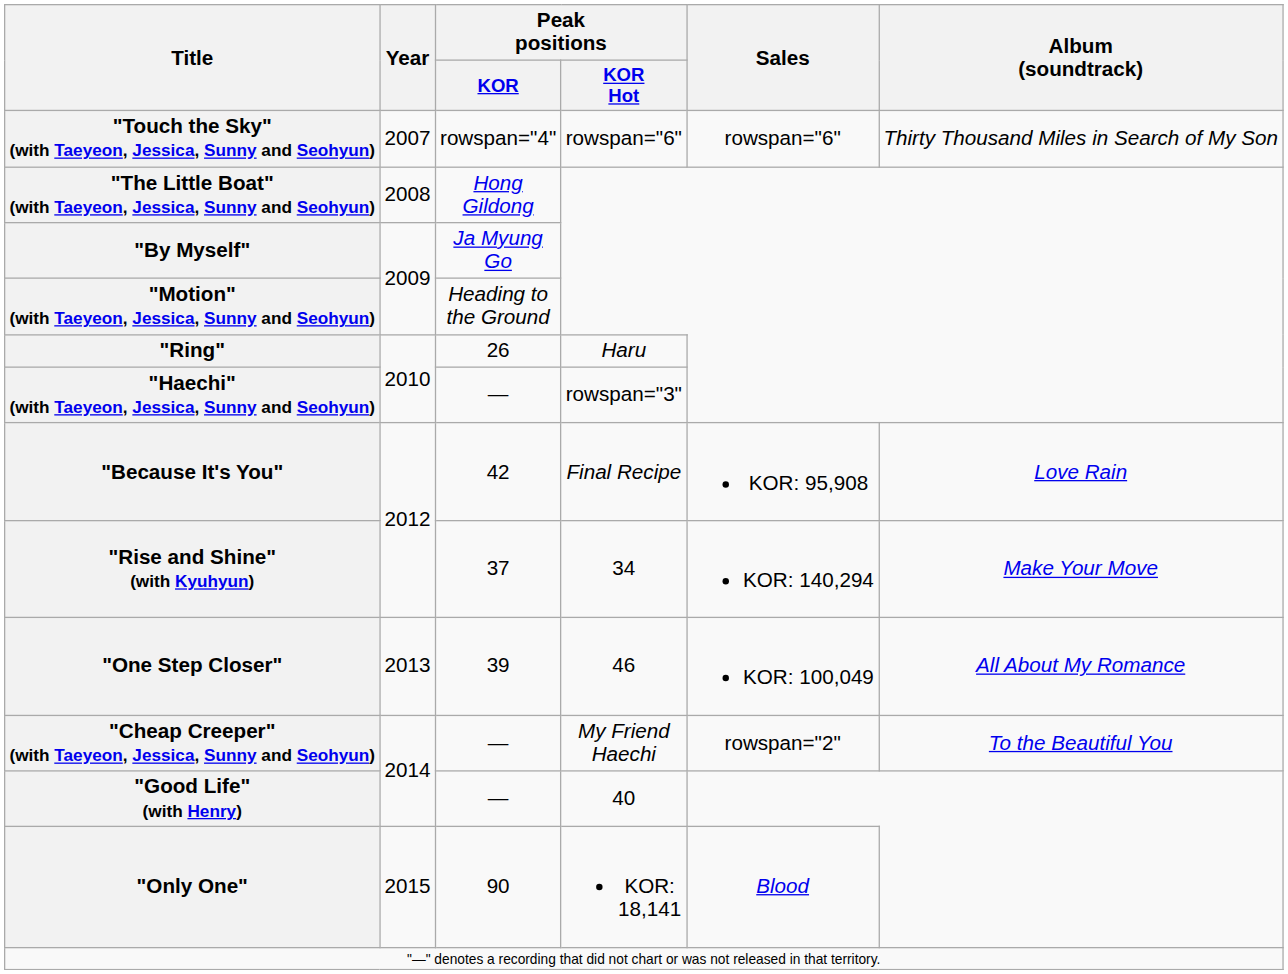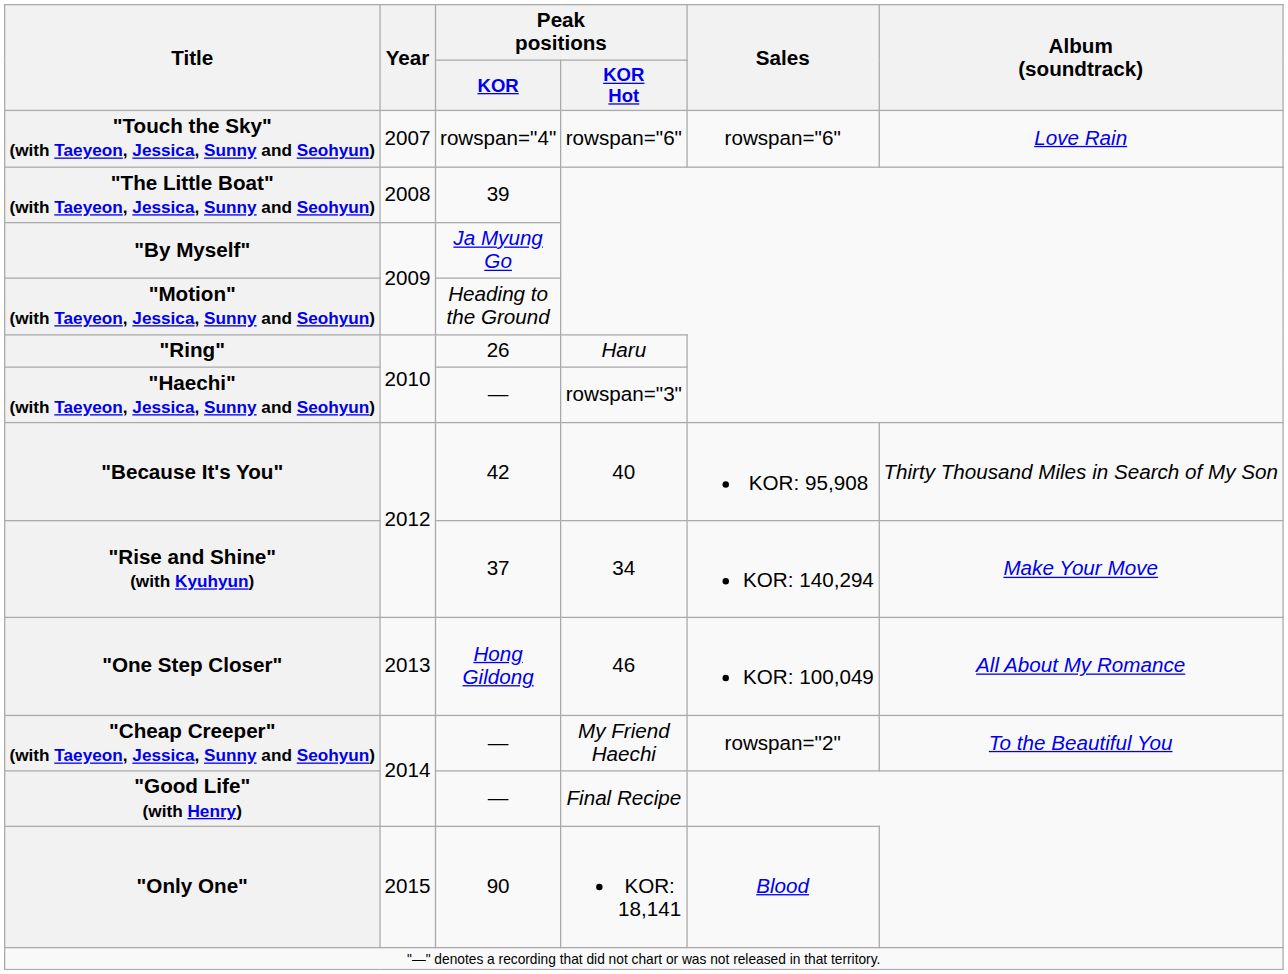 <table class="wikitable plainrowheaders" style="text-align:center;">
 <tr>
 <th rowspan=2>Title</th>
 <th rowspan=2>Year</th>
 <th colspan="2">Peak<br>positions</th>
 <th rowspan=2>Sales</th>
 <th rowspan=2>Album<br>(soundtrack)</th>
 </tr>
 <tr>
 <th scope="col" style="width:3em;font-size:90%;"><a href='#'>KOR</a><br></th>
 <th scope="col" style="width:3em;font-size:90%;"><a href='#'>KOR<br>Hot</a><br></th>
 </tr>
 <tr>
 <th scope=row>"Touch the Sky"<br><small>(with <a href='#'>Taeyeon</a>, <a href='#'>Jessica</a>, <a href='#'>Sunny</a> and <a href='#'>Seohyun</a>)</small></th>
 <td>2007</td>
 <td>rowspan="4" </td>
 <td>rowspan="6" </td>
 <td>rowspan="6" </td>
-<td><em>Thirty Thousand Miles in Search of My Son</em></td>
+<td><em><a href='#'>Love Rain</a></em></td>
 </tr>
 <tr>
 <th scope=row>"The Little Boat"<br><small>(with <a href='#'>Taeyeon</a>, <a href='#'>Jessica</a>, <a href='#'>Sunny</a> and <a href='#'>Seohyun</a>)</small></th>
 <td>2008</td>
-<td><em><a href='#'>Hong Gildong</a></em></td>
+<td>39</td>
 </tr>
 <tr>
 <th scope=row>"By Myself"</th>
 <td rowspan=2>2009</td>
 <td><em><a href='#'>Ja Myung Go</a></em></td>
 </tr>
 <tr>
 <th scope=row>"Motion"<br><small>(with <a href='#'>Taeyeon</a>, <a href='#'>Jessica</a>, <a href='#'>Sunny</a> and <a href='#'>Seohyun</a>)</small></th>
 <td><em>Heading to the Ground</em></td>
 </tr>
 <tr>
 <th scope=row>"Ring"</th>
 <td rowspan=2>2010</td>
 <td>26</td>
 <td><em>Haru</em></td>
 </tr>
 <tr>
 <th scope=row>"Haechi"<br><small>(with <a href='#'>Taeyeon</a>, <a href='#'>Jessica</a>, <a href='#'>Sunny</a> and <a href='#'>Seohyun</a>)</small></th>
 <td>—</td>
 <td>rowspan="3" </td>
 </tr>
 <tr>
 <th scope=row>"Because It's You"</th>
 <td rowspan=2>2012</td>
 <td>42</td>
-<td><em>Final Recipe</em></td>
+<td>40</td>
 <td><br><ul><li>KOR: 95,908</li></ul></td>
-<td><em><a href='#'>Love Rain</a></em></td>
+<td><em>Thirty Thousand Miles in Search of My Son</em></td>
 </tr>
 <tr>
 <th scope=row>"Rise and Shine"<br><small>(with <a href='#'>Kyuhyun</a>)</small></th>
 <td>37</td>
 <td>34</td>
 <td><br><ul><li>KOR: 140,294</li></ul></td>
 <td><em><a href='#'>Make Your Move</a></em></td>
 </tr>
 <tr>
 <th scope=row>"One Step Closer"</th>
 <td>2013</td>
-<td>39</td>
+<td><em><a href='#'>Hong Gildong</a></em></td>
 <td>46</td>
 <td><br><ul><li>KOR: 100,049</li></ul></td>
 <td><em><a href='#'>All About My Romance</a></em></td>
 </tr>
 <tr>
 <th scope=row>"Cheap Creeper"<br><small>(with <a href='#'>Taeyeon</a>, <a href='#'>Jessica</a>, <a href='#'>Sunny</a> and <a href='#'>Seohyun</a>)</small></th>
 <td rowspan=2>2014</td>
 <td>—</td>
 <td><em>My Friend Haechi</em></td>
 <td>rowspan="2" </td>
 <td><em><a href='#'>To the Beautiful You</a></em></td>
 </tr>
 <tr>
 <th scope=row>"Good Life"<br><small>(with <a href='#'>Henry</a>)</small></th>
 <td>—</td>
-<td>40</td>
+<td><em>Final Recipe</em></td>
 </tr>
 <tr>
 <th scope=row>"Only One"</th>
 <td>2015</td>
 <td>90</td>
 <td><br><ul><li>KOR: 18,141</li></ul></td>
 <td><em><a href='#'>Blood</a></em></td>
 </tr>
 <tr>
 <td colspan="6" style="font-size:8pt">"—" denotes a recording that did not chart or was not released in that territory.</td>
 </tr>
 </table>
